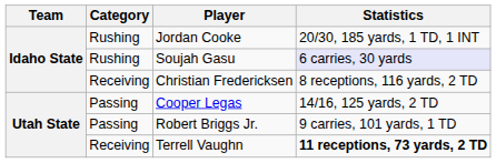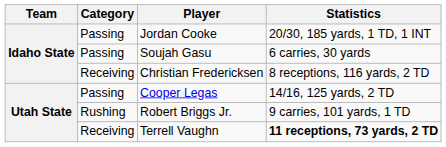 <table class="wikitable" style="float: right;">
 <tr>
 <th>Team</th>
 <th>Category</th>
 <th>Player</th>
 <th>Statistics</th>
 </tr>
 <tr>
 <th rowspan=3>Idaho State</th>
-<td>Rushing</td>
+<td>Passing</td>
 <td>Jordan Cooke</td>
 <td>20/30, 185 yards, 1 TD, 1 INT</td>
 </tr>
 <tr>
-<td>Rushing</td>
+<td>Passing</td>
 <td>Soujah Gasu</td>
-<td style="background: lavender;">6 carries, 30 yards</td>
+<td>6 carries, 30 yards</td>
 </tr>
 <tr>
 <td>Receiving</td>
 <td>Christian Fredericksen</td>
 <td>8 receptions, 116 yards, 2 TD</td>
 </tr>
 <tr>
 <th rowspan=3>Utah State</th>
 <td>Passing</td>
 <td><a href='#'>Cooper Legas</a></td>
 <td>14/16, 125 yards, 2 TD</td>
 </tr>
 <tr>
-<td>Passing</td>
+<td>Rushing</td>
 <td>Robert Briggs Jr.</td>
 <td>9 carries, 101 yards, 1 TD</td>
 </tr>
 <tr>
 <td>Receiving</td>
 <td>Terrell Vaughn</td>
 <td><strong>11 receptions, 73 yards, 2 TD</strong></td>
 </tr>
 </table>
